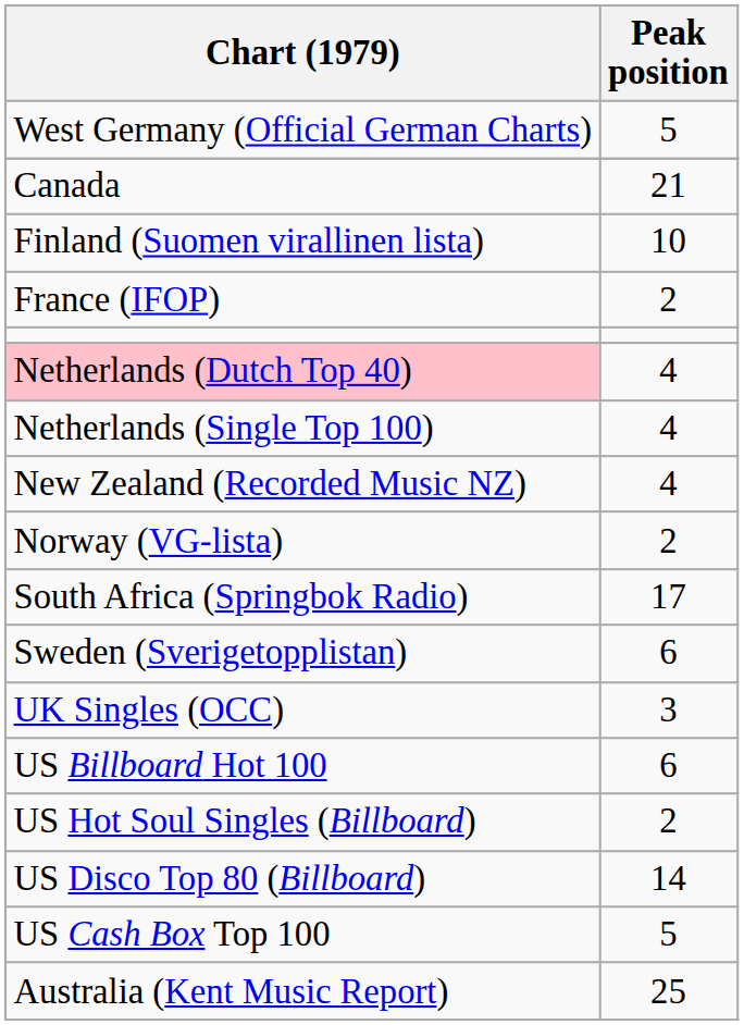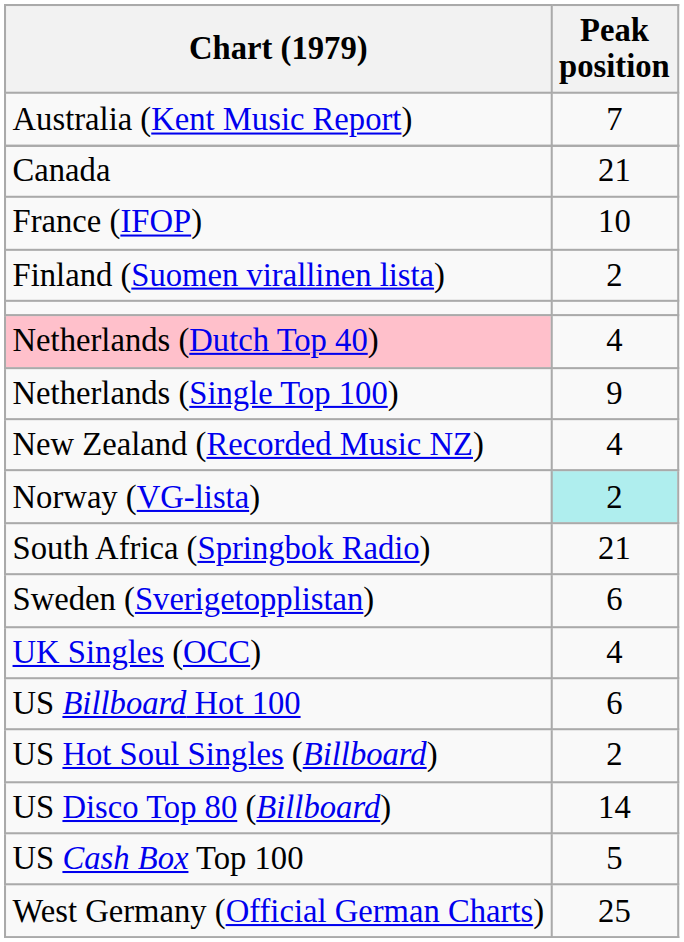 <table class="wikitable sortable">
 <tr>
 <th>Chart (1979)</th>
 <th>Peak<br>position</th>
 </tr>
 <tr>
-<td>West Germany (<a href='#'>Official German Charts</a>)</td>
-<td style="text-align:center;">5</td>
+<td>Australia (<a href='#'>Kent Music Report</a>)</td>
+<td style="text-align:center;">7</td>
 </tr>
 <tr>
 </tr>
 <tr>
 <td>Canada</td>
 <td style="text-align:center;">21</td>
 </tr>
 <tr>
-<td>Finland (<a href='#'>Suomen virallinen lista</a>)</td>
+<td>France (<a href='#'>IFOP</a>)</td>
 <td align="center">10</td>
 </tr>
 <tr>
-<td>France (<a href='#'>IFOP</a>)</td>
+<td>Finland (<a href='#'>Suomen virallinen lista</a>)</td>
 <td align="center">2</td>
 </tr>
 <tr>
 <td></td>
 </tr>
 <tr>
 <td style="background: pink;">Netherlands (<a href='#'>Dutch Top 40</a>)</td>
 <td style="text-align:center;">4</td>
 </tr>
 <tr>
 <td>Netherlands (<a href='#'>Single Top 100</a>)</td>
-<td style="text-align:center;">4</td>
+<td style="text-align:center;">9</td>
 </tr>
 <tr>
 <td>New Zealand (<a href='#'>Recorded Music NZ</a>)</td>
 <td style="text-align:center;">4</td>
 </tr>
 <tr>
 <td>Norway (<a href='#'>VG-lista</a>)</td>
-<td style="text-align:center;">2</td>
+<td style="background: paleturquoise; text-align:center;">2</td>
 </tr>
 <tr>
 <td>South Africa (<a href='#'>Springbok Radio</a>)</td>
-<td style="text-align:center">17</td>
+<td style="text-align:center">21</td>
 </tr>
 <tr>
 <td>Sweden (<a href='#'>Sverigetopplistan</a>)</td>
 <td style="text-align:center;">6</td>
 </tr>
 <tr>
 <td><a href='#'>UK Singles</a> (<a href='#'>OCC</a>)</td>
-<td style="text-align:center;">3</td>
+<td style="text-align:center;">4</td>
 </tr>
 <tr>
 <td>US <a href='#'><em>Billboard</em> Hot 100</a></td>
 <td style="text-align:center;">6</td>
 </tr>
 <tr>
 <td>US <a href='#'>Hot Soul Singles</a> (<em><a href='#'>Billboard</a></em>)</td>
 <td style="text-align:center;">2</td>
 </tr>
 <tr>
 <td>US <a href='#'>Disco Top 80</a> (<em><a href='#'>Billboard</a></em>)</td>
 <td style="text-align:center;">14</td>
 </tr>
 <tr>
 <td>US <em><a href='#'>Cash Box</a></em> Top 100</td>
 <td style="text-align:center;">5</td>
 </tr>
 <tr>
-<td>Australia (<a href='#'>Kent Music Report</a>)</td>
+<td>West Germany (<a href='#'>Official German Charts</a>)</td>
 <td style="text-align:center;">25</td>
 </tr>
 <tr>
 </tr>
 </table>
